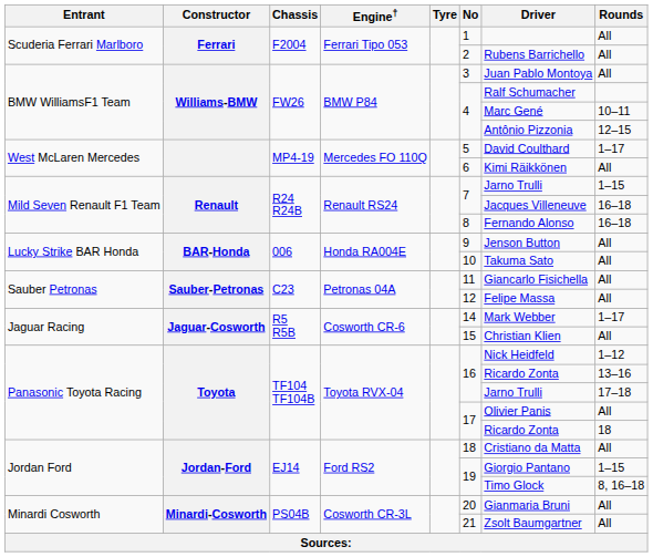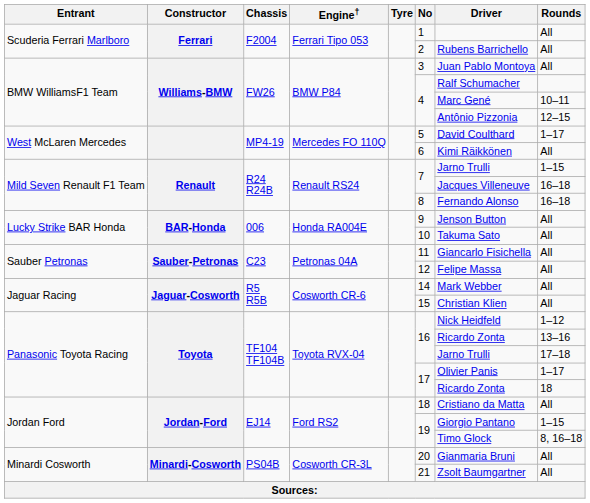 <table class="wikitable sortable" style="font-size: 85%;">
 <tr>
 <th>Entrant</th>
 <th>Constructor</th>
 <th>Chassis</th>
 <th>Engine<sup>†</sup></th>
 <th>Tyre</th>
 <th>No</th>
 <th>Driver</th>
 <th>Rounds</th>
 </tr>
 <tr>
 <td rowspan=2> Scuderia Ferrari <a href='#'>Marlboro</a></td>
 <th rowspan=2><a href='#'>Ferrari</a></th>
 <td rowspan=2><a href='#'>F2004</a></td>
 <td rowspan=2><a href='#'>Ferrari Tipo 053</a></td>
 <td rowspan=2></td>
 <td>1</td>
 <td></td>
 <td>All</td>
 </tr>
 <tr>
 <td>2</td>
 <td> <a href='#'>Rubens Barrichello</a></td>
 <td>All</td>
 </tr>
 <tr>
 <td rowspan=4> BMW WilliamsF1 Team</td>
 <th rowspan=4><a href='#'>Williams</a>-<a href='#'>BMW</a></th>
 <td rowspan=4><a href='#'>FW26</a></td>
 <td rowspan=4><a href='#'>BMW P84</a></td>
 <td rowspan=4></td>
 <td>3</td>
 <td> <a href='#'>Juan Pablo Montoya</a></td>
 <td>All</td>
 </tr>
 <tr>
 <td rowspan=3>4</td>
 <td> <a href='#'>Ralf Schumacher</a></td>
 <td></td>
 </tr>
 <tr>
 <td> <a href='#'>Marc Gené</a></td>
 <td>10–11</td>
 </tr>
 <tr>
 <td> <a href='#'>Antônio Pizzonia</a></td>
 <td>12–15</td>
 </tr>
 <tr>
 <td rowspan=2> <a href='#'>West</a> McLaren Mercedes</td>
 <th rowspan=2 nowrap></th>
 <td rowspan=2><a href='#'>MP4-19</a><br></td>
 <td rowspan=2 nowrap><a href='#'>Mercedes FO 110Q</a></td>
 <td rowspan=2></td>
 <td>5</td>
 <td> <a href='#'>David Coulthard</a></td>
 <td>1–17</td>
 </tr>
 <tr>
 <td>6</td>
 <td> <a href='#'>Kimi Räikkönen</a></td>
 <td>All</td>
 </tr>
 <tr>
 <td rowspan=3 nowrap> <a href='#'>Mild Seven</a> Renault F1 Team</td>
 <th rowspan=3><a href='#'>Renault</a></th>
 <td rowspan=3><a href='#'>R24</a><br><a href='#'>R24B</a></td>
 <td rowspan=3><a href='#'>Renault RS24</a></td>
 <td rowspan=3></td>
 <td rowspan=2>7</td>
 <td> <a href='#'>Jarno Trulli</a></td>
 <td>1–15</td>
 </tr>
 <tr>
 <td> <a href='#'>Jacques Villeneuve</a></td>
 <td>16–18</td>
 </tr>
 <tr>
 <td>8</td>
 <td> <a href='#'>Fernando Alonso</a></td>
 <td>16–18</td>
 </tr>
 <tr>
 <td rowspan=2> <a href='#'>Lucky Strike</a> BAR Honda</td>
 <th rowspan=2><a href='#'>BAR</a>-<a href='#'>Honda</a></th>
 <td rowspan=2><a href='#'>006</a></td>
 <td rowspan=2><a href='#'>Honda RA004E</a></td>
 <td rowspan=2></td>
 <td>9</td>
 <td> <a href='#'>Jenson Button</a></td>
 <td>All</td>
 </tr>
 <tr>
 <td>10</td>
 <td> <a href='#'>Takuma Sato</a></td>
 <td>All</td>
 </tr>
 <tr>
 <td rowspan=2> Sauber <a href='#'>Petronas</a></td>
 <th rowspan=2><a href='#'>Sauber</a>-<a href='#'>Petronas</a></th>
 <td rowspan=2><a href='#'>C23</a></td>
 <td rowspan=2><a href='#'>Petronas 04A</a></td>
 <td rowspan=2></td>
 <td>11</td>
 <td> <a href='#'>Giancarlo Fisichella</a></td>
 <td>All</td>
 </tr>
 <tr>
 <td>12</td>
 <td> <a href='#'>Felipe Massa</a></td>
 <td>All</td>
 </tr>
 <tr>
 <td rowspan=2> Jaguar Racing</td>
 <th rowspan=2><a href='#'>Jaguar</a>-<a href='#'>Cosworth</a></th>
 <td rowspan=2><a href='#'>R5</a><br><a href='#'>R5B</a></td>
 <td rowspan=2><a href='#'>Cosworth CR-6</a></td>
 <td rowspan=2></td>
 <td>14</td>
 <td> <a href='#'>Mark Webber</a></td>
-<td>1–17</td>
+<td>All</td>
 </tr>
 <tr>
 <td>15</td>
 <td> <a href='#'>Christian Klien</a></td>
 <td>All</td>
 </tr>
 <tr>
 <td rowspan=5> <a href='#'>Panasonic</a> Toyota Racing</td>
 <th rowspan=5><a href='#'>Toyota</a></th>
 <td rowspan=5><a href='#'>TF104</a><br><a href='#'>TF104B</a></td>
 <td rowspan=5><a href='#'>Toyota RVX-04</a></td>
 <td rowspan=5></td>
 <td rowspan=3>16</td>
 <td> <a href='#'>Nick Heidfeld</a></td>
 <td>1–12</td>
 </tr>
 <tr>
 <td> <a href='#'>Ricardo Zonta</a></td>
 <td>13–16</td>
 </tr>
 <tr>
 <td> <a href='#'>Jarno Trulli</a></td>
 <td>17–18</td>
 </tr>
 <tr>
 <td rowspan=2>17</td>
 <td> <a href='#'>Olivier Panis</a></td>
-<td>All</td>
+<td>1–17</td>
 </tr>
 <tr>
 <td> <a href='#'>Ricardo Zonta</a></td>
 <td>18</td>
 </tr>
 <tr>
 <td rowspan=3> Jordan Ford</td>
 <th rowspan=3><a href='#'>Jordan</a>-<a href='#'>Ford</a></th>
 <td rowspan=3><a href='#'>EJ14</a></td>
 <td rowspan=3><a href='#'>Ford RS2</a></td>
 <td rowspan=3></td>
 <td>18</td>
 <td> <a href='#'>Cristiano da Matta</a></td>
 <td>All</td>
 </tr>
 <tr>
 <td rowspan=2>19</td>
 <td> <a href='#'>Giorgio Pantano</a></td>
 <td>1–15</td>
 </tr>
 <tr>
 <td> <a href='#'>Timo Glock</a></td>
 <td>8, 16–18</td>
 </tr>
 <tr>
 <td rowspan=2> Minardi Cosworth</td>
 <th rowspan=2><a href='#'>Minardi</a>-<a href='#'>Cosworth</a></th>
 <td rowspan=2><a href='#'>PS04B</a></td>
 <td rowspan=2><a href='#'>Cosworth CR-3L</a></td>
 <td rowspan=2></td>
 <td>20</td>
 <td> <a href='#'>Gianmaria Bruni</a></td>
 <td>All</td>
 </tr>
 <tr>
 <td>21</td>
 <td> <a href='#'>Zsolt Baumgartner</a></td>
 <td>All</td>
 </tr>
 <tr>
 <th colspan=10>Sources:</th>
 </tr>
 </table>
